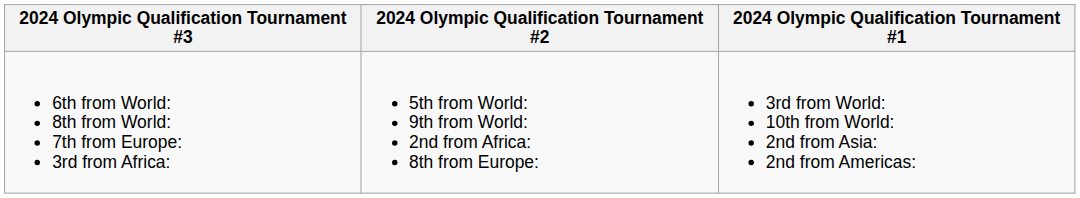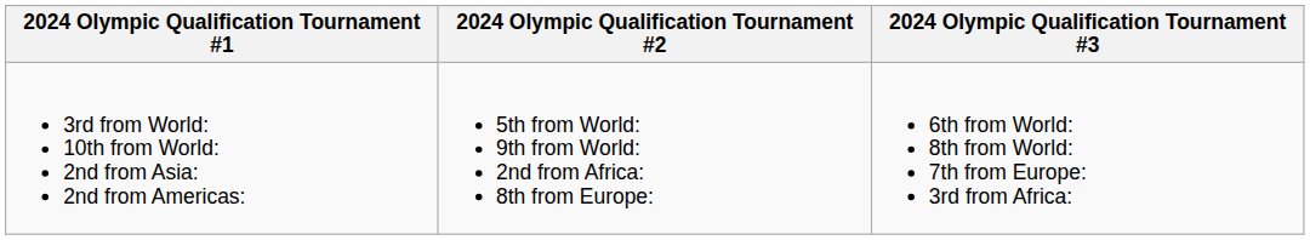 <table class="wikitable">
 <tr>
+<th width=320>2024 Olympic Qualification Tournament #1</th>
+<th width=320>2024 Olympic Qualification Tournament #2</th>
 <th width=320>2024 Olympic Qualification Tournament #3</th>
-<th width=320>2024 Olympic Qualification Tournament #2</th>
-<th width=320>2024 Olympic Qualification Tournament #1</th>
 </tr>
 <tr style="vertical-align: top;">
+<td><br><ul><li>3rd from World: </li><li>10th from World: </li><li>2nd from Asia: </li><li>2nd from Americas: </li></ul></td>
+<td><br><ul><li>5th from World: </li><li>9th from World: </li><li>2nd from Africa: </li><li>8th from Europe: </li></ul></td>
 <td><br><ul><li>6th from World: </li><li>8th from World: </li><li>7th from Europe: </li><li>3rd from Africa: </li></ul></td>
-<td><br><ul><li>5th from World: </li><li>9th from World: </li><li>2nd from Africa: </li><li>8th from Europe: </li></ul></td>
-<td><br><ul><li>3rd from World: </li><li>10th from World: </li><li>2nd from Asia: </li><li>2nd from Americas: </li></ul></td>
 </tr>
 </table>
